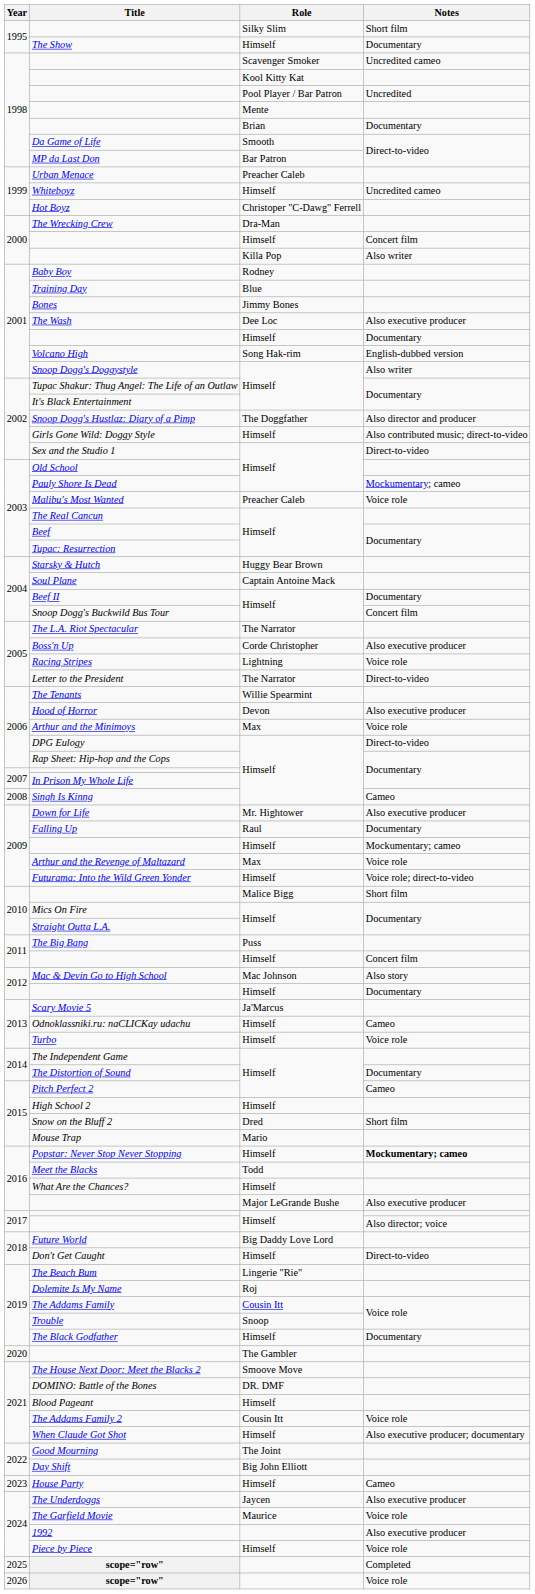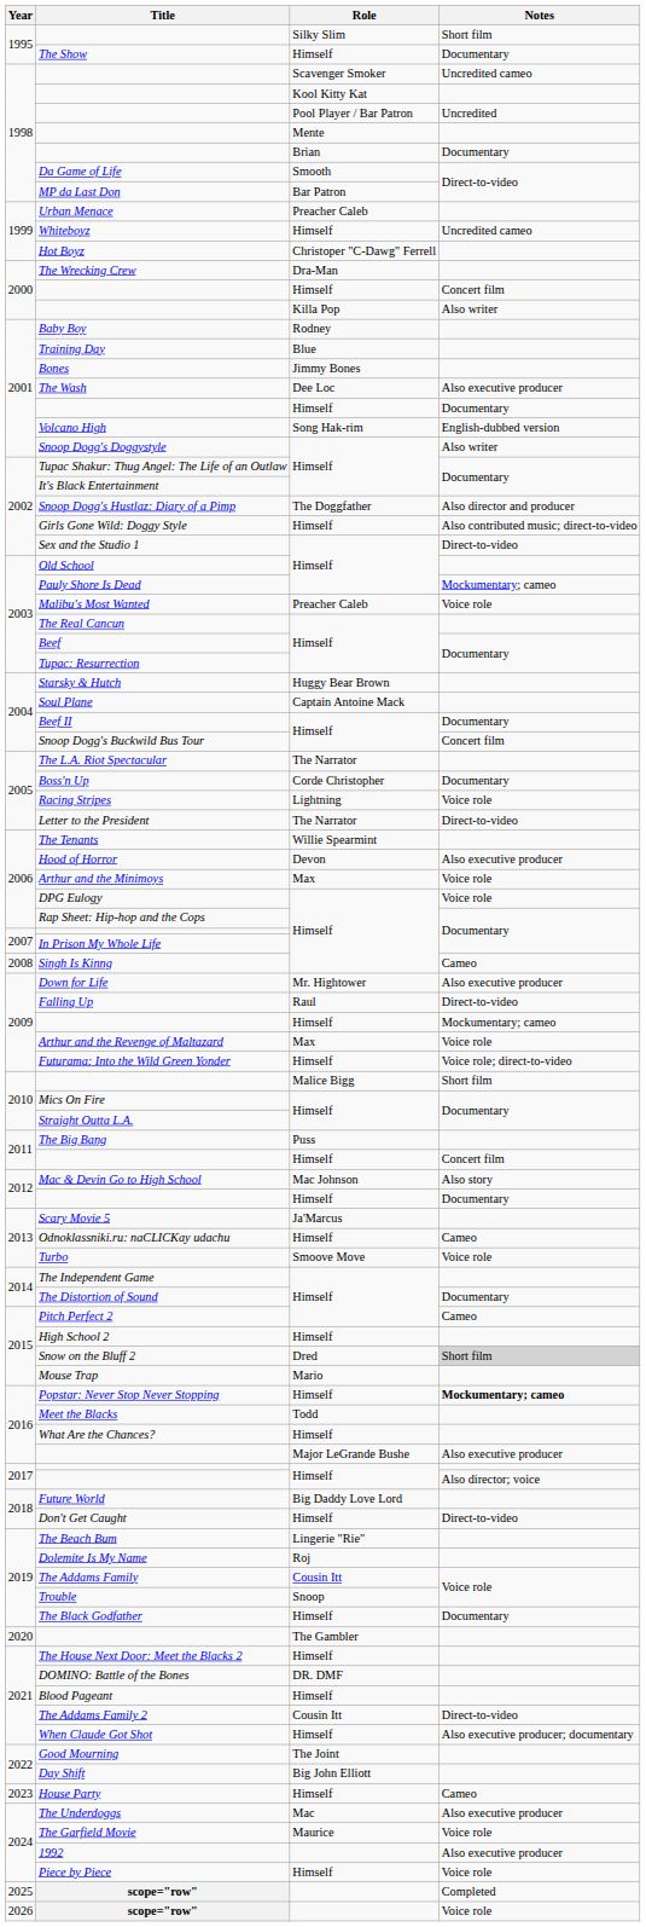 <table class="wikitable plainrowheaders sortable" style="margin-right: 0;">
 <tr>
 <th scope="col">Year</th>
 <th scope="col">Title</th>
 <th scope="col">Role</th>
 <th scope="col" class="unsortable">Notes</th>
 </tr>
 <tr>
 <td rowspan="2">1995</td>
 <td><em></em></td>
 <td>Silky Slim</td>
 <td>Short film</td>
 </tr>
 <tr>
 <td><em><a href='#'>The Show</a></em></td>
 <td>Himself</td>
 <td>Documentary</td>
 </tr>
 <tr>
 <td rowspan="7">1998</td>
 <td><em></em></td>
 <td>Scavenger Smoker</td>
 <td>Uncredited cameo</td>
 </tr>
 <tr>
 <td><em></em></td>
 <td>Kool Kitty Kat</td>
 <td></td>
 </tr>
 <tr>
 <td><em></em></td>
 <td>Pool Player / Bar Patron</td>
 <td>Uncredited</td>
 </tr>
 <tr>
 <td><em></em></td>
 <td>Mente</td>
 <td></td>
 </tr>
 <tr>
 <td><em></em></td>
 <td>Brian</td>
 <td>Documentary</td>
 </tr>
 <tr>
 <td><em><a href='#'>Da Game of Life</a></em></td>
 <td>Smooth</td>
 <td rowspan="2">Direct-to-video</td>
 </tr>
 <tr>
 <td><em><a href='#'>MP da Last Don</a></em></td>
 <td>Bar Patron</td>
 </tr>
 <tr>
 <td rowspan="3">1999</td>
 <td><em><a href='#'>Urban Menace</a></em></td>
 <td>Preacher Caleb</td>
 <td></td>
 </tr>
 <tr>
 <td><em><a href='#'>Whiteboyz</a></em></td>
 <td>Himself</td>
 <td>Uncredited cameo</td>
 </tr>
 <tr>
 <td><em><a href='#'>Hot Boyz</a></em></td>
 <td>Christoper "C-Dawg" Ferrell</td>
 <td></td>
 </tr>
 <tr>
 <td rowspan="3">2000</td>
 <td><em><a href='#'>The Wrecking Crew</a></em></td>
 <td>Dra-Man</td>
 <td></td>
 </tr>
 <tr>
 <td><em></em></td>
 <td>Himself</td>
 <td>Concert film</td>
 </tr>
 <tr>
 <td><em></em></td>
 <td>Killa Pop</td>
 <td>Also writer</td>
 </tr>
 <tr>
 <td rowspan="7">2001</td>
 <td><em><a href='#'>Baby Boy</a></em></td>
 <td>Rodney</td>
 <td></td>
 </tr>
 <tr>
 <td><em><a href='#'>Training Day</a></em></td>
 <td>Blue</td>
 <td></td>
 </tr>
 <tr>
 <td><em><a href='#'>Bones</a></em></td>
 <td>Jimmy Bones</td>
 <td></td>
 </tr>
 <tr>
 <td><em><a href='#'>The Wash</a></em></td>
 <td>Dee Loc</td>
 <td>Also executive producer</td>
 </tr>
 <tr>
 <td><em></em></td>
 <td>Himself</td>
 <td>Documentary</td>
 </tr>
 <tr>
 <td><em><a href='#'>Volcano High</a></em></td>
 <td>Song Hak-rim</td>
 <td>English-dubbed version</td>
 </tr>
 <tr>
 <td><em><a href='#'>Snoop Dogg's Doggystyle</a></em></td>
 <td rowspan="3">Himself</td>
 <td>Also writer</td>
 </tr>
 <tr>
 <td rowspan="5">2002</td>
 <td><em>Tupac Shakur: Thug Angel: The Life of an Outlaw</em></td>
 <td rowspan="2">Documentary</td>
 </tr>
 <tr>
 <td><em>It's Black Entertainment</em></td>
 </tr>
 <tr>
 <td><em><a href='#'>Snoop Dogg's Hustlaz: Diary of a Pimp</a></em></td>
 <td>The Doggfather</td>
 <td>Also director and producer</td>
 </tr>
 <tr>
 <td><em>Girls Gone Wild: Doggy Style</em></td>
 <td>Himself</td>
 <td>Also contributed music; direct-to-video</td>
 </tr>
 <tr>
 <td><em>Sex and the Studio 1</em></td>
 <td rowspan="3">Himself</td>
 <td>Direct-to-video</td>
 </tr>
 <tr>
 <td rowspan="6">2003</td>
 <td><em><a href='#'>Old School</a></em></td>
 <td></td>
 </tr>
 <tr>
 <td><em><a href='#'>Pauly Shore Is Dead</a></em></td>
 <td><a href='#'>Mockumentary</a>; cameo</td>
 </tr>
 <tr>
 <td><em><a href='#'>Malibu's Most Wanted</a></em></td>
 <td>Preacher Caleb</td>
 <td>Voice role</td>
 </tr>
 <tr>
 <td><em><a href='#'>The Real Cancun</a></em></td>
 <td rowspan="3">Himself</td>
 <td></td>
 </tr>
 <tr>
 <td><em><a href='#'>Beef</a></em></td>
 <td rowspan="2">Documentary</td>
 </tr>
 <tr>
 <td><em><a href='#'>Tupac: Resurrection</a></em></td>
 </tr>
 <tr>
 <td rowspan="4">2004</td>
 <td><em><a href='#'>Starsky & Hutch</a></em></td>
 <td>Huggy Bear Brown</td>
 <td></td>
 </tr>
 <tr>
 <td><em><a href='#'>Soul Plane</a></em></td>
 <td>Captain Antoine Mack</td>
 <td></td>
 </tr>
 <tr>
 <td><em><a href='#'>Beef II</a></em></td>
 <td rowspan="2">Himself</td>
 <td>Documentary</td>
 </tr>
 <tr>
 <td><em>Snoop Dogg's Buckwild Bus Tour</em></td>
 <td>Concert film</td>
 </tr>
 <tr>
 <td rowspan="4">2005</td>
 <td><em><a href='#'>The L.A. Riot Spectacular</a></em></td>
 <td>The Narrator</td>
 <td></td>
 </tr>
 <tr>
 <td><em><a href='#'>Boss'n Up</a></em></td>
 <td>Corde Christopher</td>
-<td>Also executive producer</td>
+<td>Documentary</td>
 </tr>
 <tr>
 <td><em><a href='#'>Racing Stripes</a></em></td>
 <td>Lightning</td>
 <td>Voice role</td>
 </tr>
 <tr>
 <td><em>Letter to the President</em></td>
 <td>The Narrator</td>
 <td>Direct-to-video</td>
 </tr>
 <tr>
 <td rowspan="5">2006</td>
 <td><em><a href='#'>The Tenants</a></em></td>
 <td>Willie Spearmint</td>
 <td></td>
 </tr>
 <tr>
 <td><em><a href='#'>Hood of Horror</a></em></td>
 <td>Devon</td>
 <td>Also executive producer</td>
 </tr>
 <tr>
 <td><em><a href='#'>Arthur and the Minimoys</a></em></td>
 <td>Max</td>
 <td>Voice role</td>
 </tr>
 <tr>
 <td><em>DPG Eulogy</em></td>
 <td rowspan="5">Himself</td>
-<td>Direct-to-video</td>
+<td>Voice role</td>
 </tr>
 <tr>
 <td><em>Rap Sheet: Hip-hop and the Cops</em></td>
 <td rowspan="3">Documentary</td>
 </tr>
 <tr>
 <td rowspan="2">2007</td>
 <td><em></em></td>
 </tr>
 <tr>
 <td><em><a href='#'>In Prison My Whole Life</a></em></td>
 </tr>
 <tr>
 <td>2008</td>
 <td><em><a href='#'>Singh Is Kinng</a></em></td>
 <td>Cameo</td>
 </tr>
 <tr>
 <td rowspan="5">2009</td>
 <td><em><a href='#'>Down for Life</a></em></td>
 <td>Mr. Hightower</td>
 <td>Also executive producer</td>
 </tr>
 <tr>
 <td><em><a href='#'>Falling Up</a></em></td>
 <td>Raul</td>
-<td>Documentary</td>
+<td>Direct-to-video</td>
 </tr>
 <tr>
 <td><em></em></td>
 <td>Himself</td>
 <td>Mockumentary; cameo</td>
 </tr>
 <tr>
 <td><em><a href='#'>Arthur and the Revenge of Maltazard</a></em></td>
 <td>Max</td>
 <td>Voice role</td>
 </tr>
 <tr>
 <td><em><a href='#'>Futurama: Into the Wild Green Yonder</a></em></td>
 <td>Himself</td>
 <td>Voice role; direct-to-video</td>
 </tr>
 <tr>
 <td rowspan="3">2010</td>
 <td><em></em></td>
 <td>Malice Bigg</td>
 <td>Short film</td>
 </tr>
 <tr>
 <td><em>Mics On Fire</em></td>
 <td rowspan="2">Himself</td>
 <td rowspan="2">Documentary</td>
 </tr>
 <tr>
 <td><em><a href='#'>Straight Outta L.A.</a></em></td>
 </tr>
 <tr>
 <td rowspan="2">2011</td>
 <td><em><a href='#'>The Big Bang</a></em></td>
 <td>Puss</td>
 <td></td>
 </tr>
 <tr>
 <td><em></em></td>
 <td>Himself</td>
 <td>Concert film</td>
 </tr>
 <tr>
 <td rowspan="2">2012</td>
 <td><em><a href='#'>Mac & Devin Go to High School</a></em></td>
 <td>Mac Johnson</td>
 <td>Also story</td>
 </tr>
 <tr>
 <td><em></em></td>
 <td>Himself</td>
 <td>Documentary</td>
 </tr>
 <tr>
 <td rowspan="3">2013</td>
 <td><em><a href='#'>Scary Movie 5</a></em></td>
 <td>Ja'Marcus</td>
 <td></td>
 </tr>
 <tr>
 <td><em>Odnoklassniki.ru: naCLICKay udachu</em></td>
 <td>Himself</td>
 <td>Cameo</td>
 </tr>
 <tr>
 <td><em><a href='#'>Turbo</a></em></td>
-<td>Himself</td>
+<td>Smoove Move</td>
 <td>Voice role</td>
 </tr>
 <tr>
 <td rowspan="2">2014</td>
 <td><em>The Independent Game</em></td>
 <td rowspan="3">Himself</td>
 <td></td>
 </tr>
 <tr>
 <td><em><a href='#'>The Distortion of Sound</a></em></td>
 <td>Documentary</td>
 </tr>
 <tr>
 <td rowspan="4">2015</td>
 <td><em><a href='#'>Pitch Perfect 2</a></em></td>
 <td>Cameo</td>
 </tr>
 <tr>
 <td><em>High School 2</em></td>
 <td>Himself</td>
 <td></td>
 </tr>
 <tr>
 <td><em>Snow on the Bluff 2</em></td>
 <td>Dred</td>
-<td>Short film</td>
+<td style="background: lightgrey;">Short film</td>
 </tr>
 <tr>
 <td><em>Mouse Trap</em></td>
 <td>Mario</td>
 <td></td>
 </tr>
 <tr>
 <td rowspan="4">2016</td>
 <td><em><a href='#'>Popstar: Never Stop Never Stopping</a></em></td>
 <td>Himself</td>
 <td><strong>Mockumentary; cameo</strong></td>
 </tr>
 <tr>
 <td><em><a href='#'>Meet the Blacks</a></em></td>
 <td>Todd</td>
 <td></td>
 </tr>
 <tr>
 <td><em>What Are the Chances?</em></td>
 <td>Himself</td>
 <td></td>
 </tr>
 <tr>
 <td><em></em></td>
 <td>Major LeGrande Bushe</td>
 <td>Also executive producer</td>
 </tr>
 <tr>
 <td rowspan="2">2017</td>
 <td><em></em></td>
 <td rowspan="2">Himself</td>
 <td></td>
 </tr>
 <tr>
 <td><em></em></td>
 <td>Also director; voice</td>
 </tr>
 <tr>
 <td rowspan="2">2018</td>
 <td><em><a href='#'>Future World</a></em></td>
 <td>Big Daddy Love Lord</td>
 <td></td>
 </tr>
 <tr>
 <td><em>Don't Get Caught</em></td>
 <td>Himself</td>
 <td>Direct-to-video</td>
 </tr>
 <tr>
 <td rowspan="5">2019</td>
 <td><em><a href='#'>The Beach Bum</a></em></td>
 <td>Lingerie "Rie"</td>
 <td></td>
 </tr>
 <tr>
 <td><em><a href='#'>Dolemite Is My Name</a></em></td>
 <td>Roj</td>
 <td></td>
 </tr>
 <tr>
 <td><em><a href='#'>The Addams Family</a></em></td>
 <td><a href='#'>Cousin Itt</a></td>
 <td rowspan="2">Voice role</td>
 </tr>
 <tr>
 <td><em><a href='#'>Trouble</a></em></td>
 <td>Snoop</td>
 </tr>
 <tr>
 <td><em><a href='#'>The Black Godfather</a></em></td>
 <td>Himself</td>
 <td>Documentary</td>
 </tr>
 <tr>
 <td>2020</td>
 <td><em></em></td>
 <td>The Gambler</td>
 <td></td>
 </tr>
 <tr>
 <td rowspan="5">2021</td>
 <td><em><a href='#'>The House Next Door: Meet the Blacks 2</a></em></td>
-<td>Smoove Move</td>
+<td>Himself</td>
 <td></td>
 </tr>
 <tr>
 <td><em>DOMINO: Battle of the Bones</em></td>
 <td>DR. DMF</td>
 <td></td>
 </tr>
 <tr>
 <td><em>Blood Pageant</em></td>
 <td>Himself</td>
 <td>  </td>
 </tr>
 <tr>
 <td><em><a href='#'>The Addams Family 2</a></em></td>
 <td>Cousin Itt</td>
-<td>Voice role</td>
+<td>Direct-to-video</td>
 </tr>
 <tr>
 <td><em><a href='#'>When Claude Got Shot</a></em></td>
 <td>Himself</td>
 <td>Also executive producer; documentary</td>
 </tr>
 <tr>
 <td rowspan="2">2022</td>
 <td><em><a href='#'>Good Mourning</a></em></td>
 <td>The Joint</td>
 <td></td>
 </tr>
 <tr>
 <td><em><a href='#'>Day Shift</a></em></td>
 <td>Big John Elliott</td>
 <td></td>
 </tr>
 <tr>
 <td>2023</td>
 <td><em><a href='#'>House Party</a></em></td>
 <td>Himself</td>
 <td>Cameo</td>
 </tr>
 <tr>
 <td rowspan="4">2024</td>
 <td><em><a href='#'>The Underdoggs</a></em></td>
-<td>Jaycen</td>
+<td>Mac</td>
 <td>Also executive producer</td>
 </tr>
 <tr>
 <td><em><a href='#'>The Garfield Movie</a></em></td>
 <td>Maurice</td>
 <td>Voice role</td>
 </tr>
 <tr>
 <td><em><a href='#'>1992</a></em></td>
 <td></td>
 <td>Also executive producer</td>
 </tr>
 <tr>
 <td><em><a href='#'>Piece by Piece</a></em></td>
 <td>Himself</td>
 <td>Voice role</td>
 </tr>
 <tr>
 <td>2025</td>
 <th>scope="row" </th>
 <td></td>
 <td>Completed</td>
 </tr>
 <tr>
 <td>2026</td>
 <th>scope="row" </th>
 <td></td>
 <td>Voice role</td>
 </tr>
 </table>
